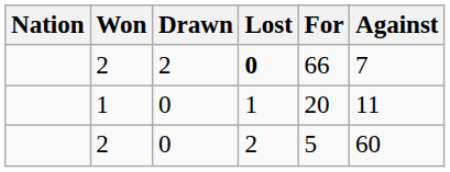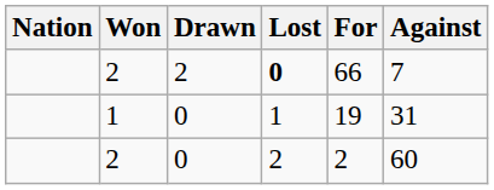 <table class="wikitable">
 <tr>
 <th>Nation</th>
 <th>Won</th>
 <th>Drawn</th>
 <th>Lost</th>
 <th>For</th>
 <th>Against</th>
 </tr>
 <tr>
 <td></td>
 <td>2</td>
 <td>2</td>
 <td><strong>0</strong></td>
 <td>66</td>
 <td>7</td>
 </tr>
 <tr>
 <td></td>
 <td>1</td>
 <td>0</td>
 <td>1</td>
-<td>20</td>
-<td>11</td>
+<td>19</td>
+<td>31</td>
 </tr>
 <tr>
 <td></td>
 <td>2</td>
 <td>0</td>
 <td>2</td>
-<td>5</td>
+<td>2</td>
 <td>60</td>
 </tr>
 </table>
